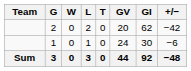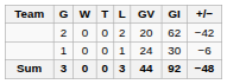 <table class="wikitable" width=300 style=text-align:center>
 <tr>
 <th>Team</th>
 <th>G</th>
 <th>W</th>
+<th>T</th>
 <th>L</th>
-<th>T</th>
 <th>GV</th>
 <th>GI</th>
 <th>+/−</th>
 </tr>
 <tr>
 <td align=left></td>
 <td>2</td>
 <td>0</td>
+<td>0</td>
 <td>2</td>
-<td>0</td>
 <td>20</td>
 <td>62</td>
 <td>−42</td>
 </tr>
 <tr>
 <td align=left></td>
 <td>1</td>
 <td>0</td>
+<td>0</td>
 <td>1</td>
-<td>0</td>
 <td>24</td>
 <td>30</td>
 <td>−6</td>
 </tr>
 <tr>
 <th>Sum</th>
 <th>3</th>
 <th>0</th>
+<th>0</th>
 <th>3</th>
-<th>0</th>
 <th>44</th>
 <th>92</th>
 <th>−48</th>
 </tr>
 </table>
